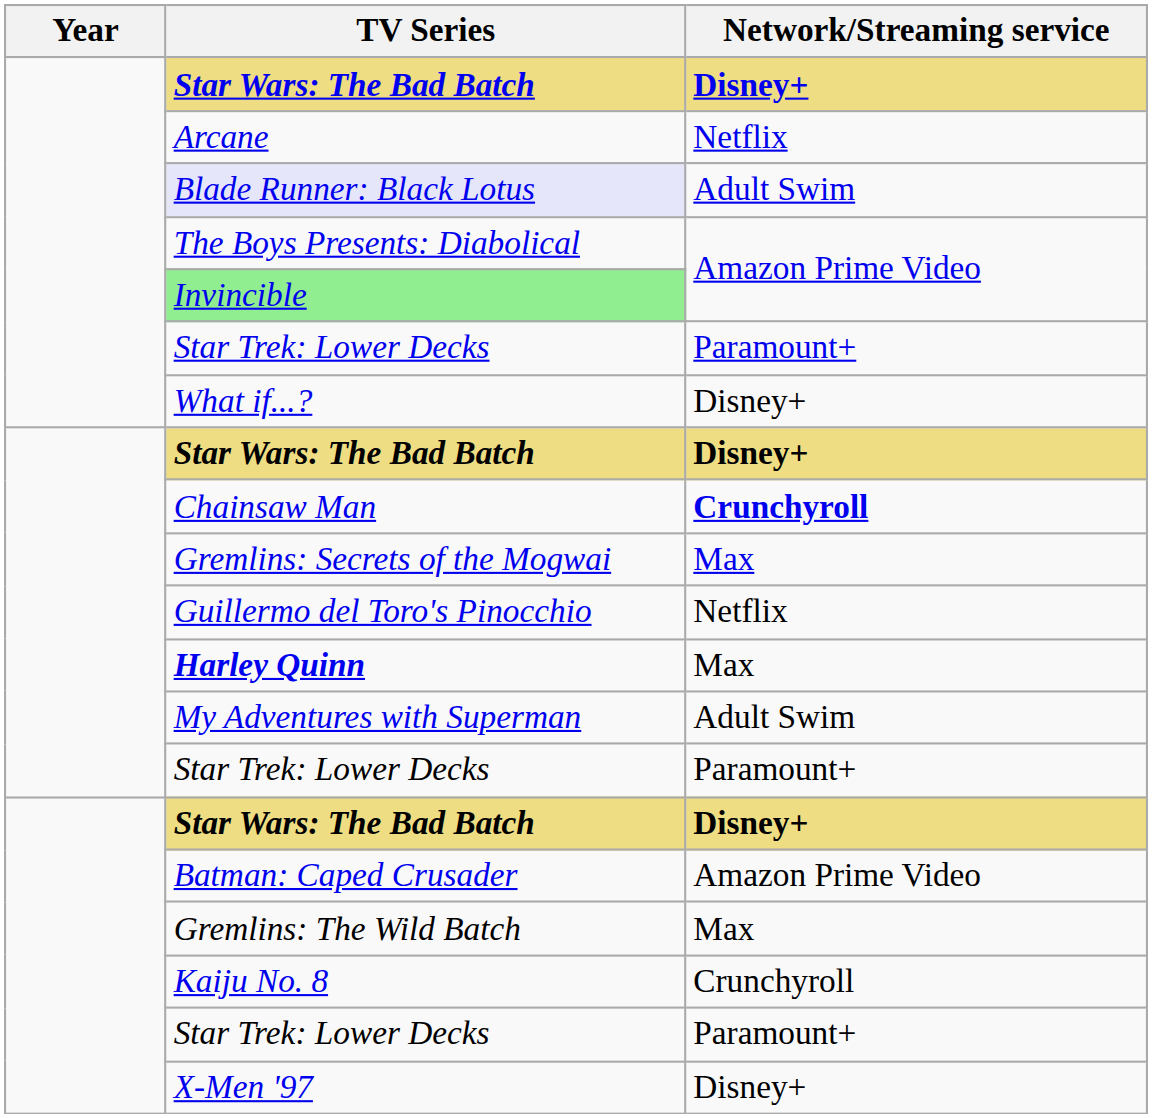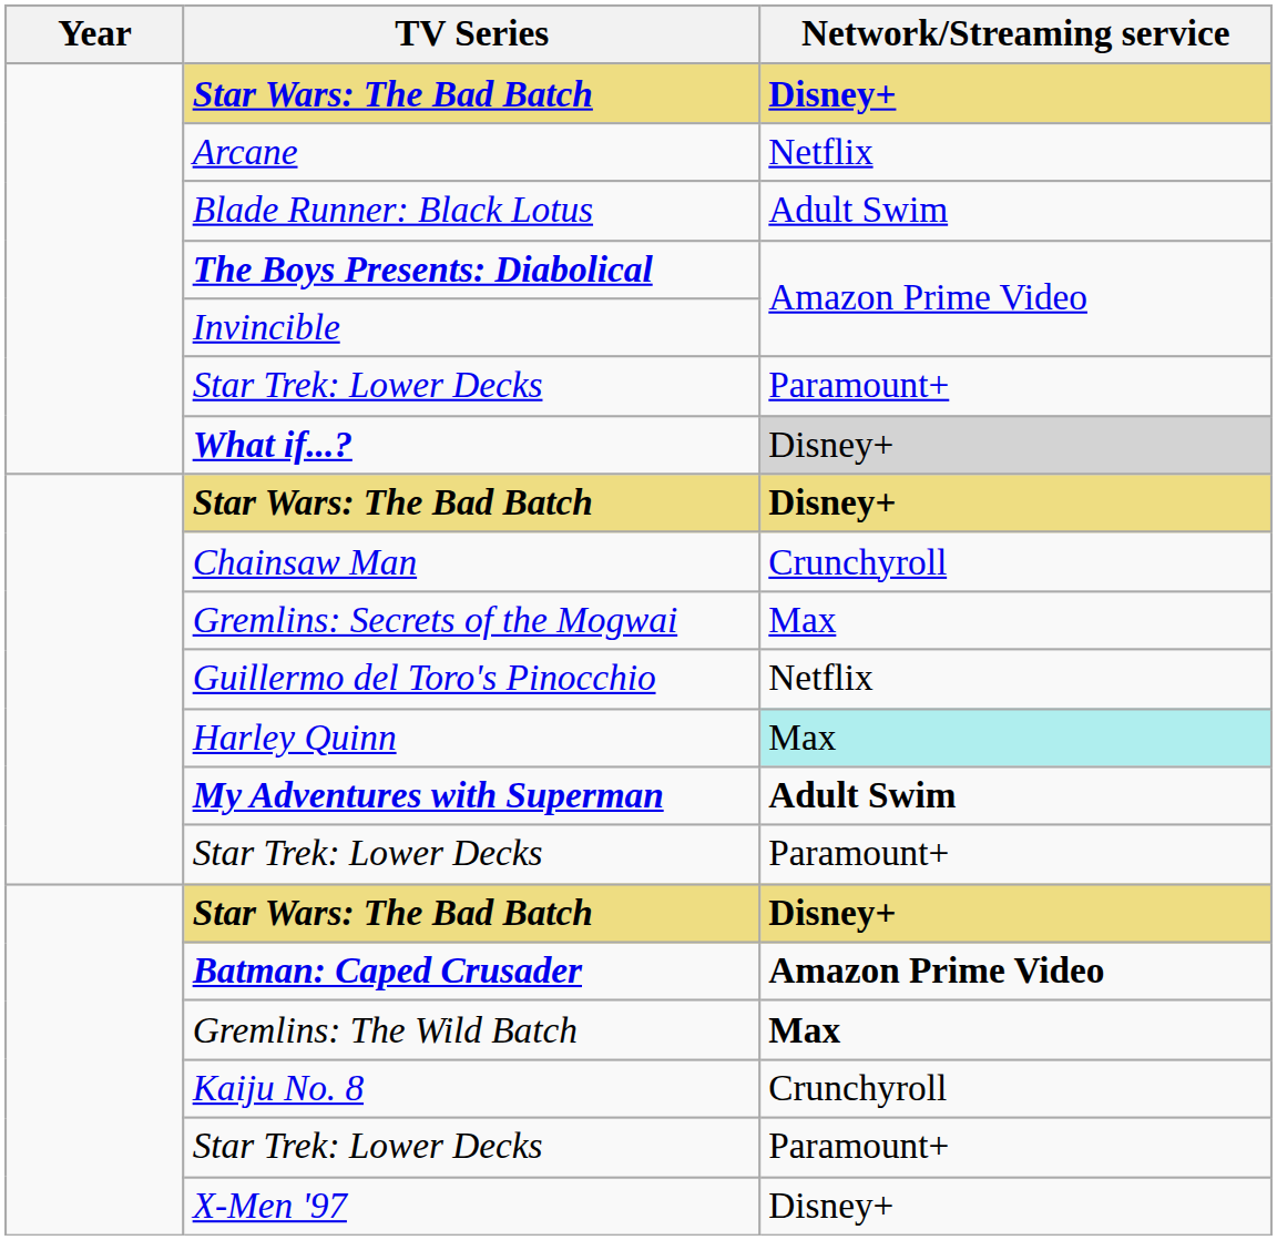 <table class="wikitable" style="width:550px;" cellpadding="5">
 <tr>
 <th style="width:70px;">Year</th>
 <th>TV Series</th>
 <th>Network/Streaming service</th>
 </tr>
 <tr>
 <td rowspan="7"></td>
 <td style="background:#EEDD82"><strong><em><a href='#'>Star Wars: The Bad Batch</a></em></strong></td>
 <td style="background:#EEDD82"><strong><a href='#'>Disney+</a></strong></td>
 </tr>
 <tr>
 <td><em><a href='#'>Arcane</a></em></td>
 <td><a href='#'>Netflix</a></td>
 </tr>
 <tr>
-<td style="background: lavender;"><em><a href='#'>Blade Runner: Black Lotus</a></em></td>
+<td><em><a href='#'>Blade Runner: Black Lotus</a></em></td>
 <td><a href='#'>Adult Swim</a></td>
 </tr>
 <tr>
-<td><em><a href='#'>The Boys Presents: Diabolical</a></em></td>
+<td><strong><em><a href='#'>The Boys Presents: Diabolical</a></em></strong></td>
 <td rowspan=2><a href='#'>Amazon Prime Video</a></td>
 </tr>
 <tr>
-<td style="background: lightgreen;"><em><a href='#'>Invincible</a></em></td>
+<td><em><a href='#'>Invincible</a></em></td>
 </tr>
 <tr>
 <td><em><a href='#'>Star Trek: Lower Decks</a></em></td>
 <td><a href='#'>Paramount+</a></td>
 </tr>
 <tr>
-<td><em><a href='#'>What if...?</a></em></td>
-<td>Disney+</td>
+<td><strong><em><a href='#'>What if...?</a></em></strong></td>
+<td style="background: lightgrey;">Disney+</td>
 </tr>
 <tr>
 <td rowspan="7"></td>
 <td style="background:#EEDD82"><strong><em>Star Wars: The Bad Batch</em></strong></td>
 <td style="background:#EEDD82"><strong>Disney+</strong></td>
 </tr>
 <tr>
 <td><em><a href='#'>Chainsaw Man</a></em></td>
-<td><strong><a href='#'>Crunchyroll</a></strong></td>
+<td><a href='#'>Crunchyroll</a></td>
 </tr>
 <tr>
 <td><em><a href='#'>Gremlins: Secrets of the Mogwai</a></em></td>
 <td><a href='#'>Max</a></td>
 </tr>
 <tr>
 <td><em><a href='#'>Guillermo del Toro's Pinocchio</a></em></td>
 <td>Netflix</td>
 </tr>
 <tr>
-<td><strong><em><a href='#'>Harley Quinn</a></em></strong></td>
-<td>Max</td>
+<td><em><a href='#'>Harley Quinn</a></em></td>
+<td style="background: paleturquoise;">Max</td>
 </tr>
 <tr>
-<td><em><a href='#'>My Adventures with Superman</a></em></td>
-<td>Adult Swim</td>
+<td><strong><em><a href='#'>My Adventures with Superman</a></em></strong></td>
+<td><strong>Adult Swim</strong></td>
 </tr>
 <tr>
 <td><em>Star Trek: Lower Decks</em></td>
 <td>Paramount+</td>
 </tr>
 <tr>
 <td rowspan="6"></td>
 <td style="background:#EEDD82"><strong><em>Star Wars: The Bad Batch</em></strong></td>
 <td style="background:#EEDD82"><strong>Disney+</strong></td>
 </tr>
 <tr>
-<td><em><a href='#'>Batman: Caped Crusader</a></em></td>
-<td>Amazon Prime Video</td>
+<td><strong><em><a href='#'>Batman: Caped Crusader</a></em></strong></td>
+<td><strong>Amazon Prime Video</strong></td>
 </tr>
 <tr>
 <td><em>Gremlins: The Wild Batch</em></td>
-<td>Max</td>
+<td><strong>Max</strong></td>
 </tr>
 <tr>
 <td><em><a href='#'>Kaiju No. 8</a></em></td>
 <td>Crunchyroll</td>
 </tr>
 <tr>
 <td><em>Star Trek: Lower Decks</em></td>
 <td>Paramount+</td>
 </tr>
 <tr>
 <td><em><a href='#'>X-Men '97</a></em></td>
 <td>Disney+</td>
 </tr>
 </table>
